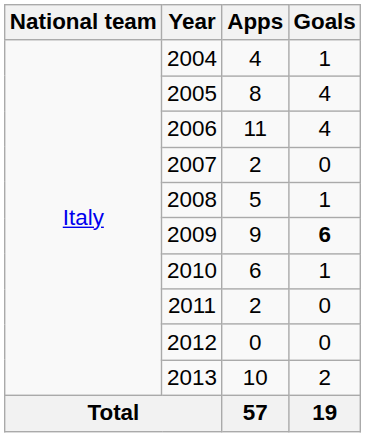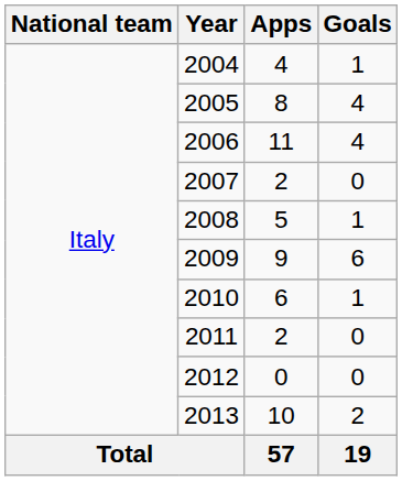 <table class="wikitable" style="text-align:center">
 <tr>
 <th>National team</th>
 <th>Year</th>
 <th>Apps</th>
 <th>Goals</th>
 </tr>
 <tr>
 <td rowspan="10"><a href='#'>Italy</a></td>
 <td>2004</td>
 <td>4</td>
 <td>1</td>
 </tr>
 <tr>
 <td>2005</td>
 <td>8</td>
 <td>4</td>
 </tr>
 <tr>
 <td>2006</td>
 <td>11</td>
 <td>4</td>
 </tr>
 <tr>
 <td>2007</td>
 <td>2</td>
 <td>0</td>
 </tr>
 <tr>
 <td>2008</td>
 <td>5</td>
 <td>1</td>
 </tr>
 <tr>
 <td>2009</td>
 <td>9</td>
-<td><strong>6</strong></td>
+<td>6</td>
 </tr>
 <tr>
 <td>2010</td>
 <td>6</td>
 <td>1</td>
 </tr>
 <tr>
 <td>2011</td>
 <td>2</td>
 <td>0</td>
 </tr>
 <tr>
 <td>2012</td>
 <td>0</td>
 <td>0</td>
 </tr>
 <tr>
 <td>2013</td>
 <td>10</td>
 <td>2</td>
 </tr>
 <tr>
 <th colspan="2">Total</th>
 <th>57</th>
 <th>19</th>
 </tr>
 </table>
